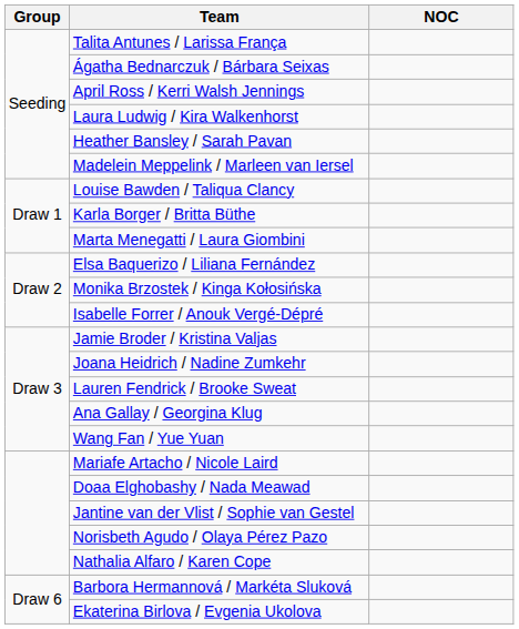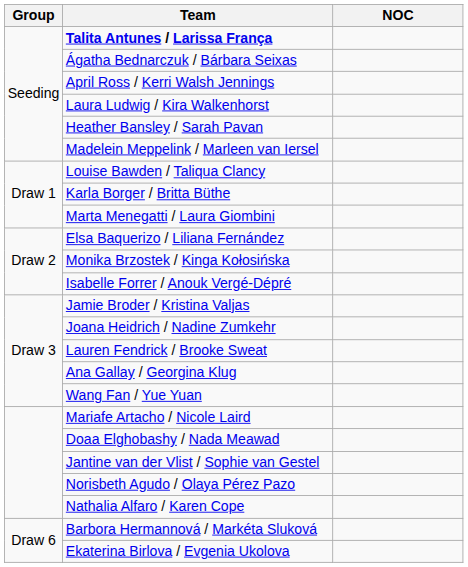 <table class="wikitable">
 <tr>
 <th>Group</th>
 <th width=300>Team</th>
 <th width=140>NOC</th>
 </tr>
 <tr>
 <td align=center rowspan=6>Seeding</td>
-<td><a href='#'>Talita Antunes</a> / <a href='#'>Larissa França</a></td>
+<td><strong><a href='#'>Talita Antunes</a> / <a href='#'>Larissa França</a></strong></td>
 <td></td>
 </tr>
 <tr>
 <td><a href='#'>Ágatha Bednarczuk</a> / <a href='#'>Bárbara Seixas</a></td>
 <td></td>
 </tr>
 <tr>
 <td><a href='#'>April Ross</a> / <a href='#'>Kerri Walsh Jennings</a></td>
 <td></td>
 </tr>
 <tr>
 <td><a href='#'>Laura Ludwig</a> / <a href='#'>Kira Walkenhorst</a></td>
 <td></td>
 </tr>
 <tr>
 <td><a href='#'>Heather Bansley</a> / <a href='#'>Sarah Pavan</a></td>
 <td></td>
 </tr>
 <tr>
 <td><a href='#'>Madelein Meppelink</a> / <a href='#'>Marleen van Iersel</a></td>
 <td></td>
 </tr>
 <tr>
 <td align=center rowspan=3>Draw 1</td>
 <td><a href='#'>Louise Bawden</a> / <a href='#'>Taliqua Clancy</a></td>
 <td></td>
 </tr>
 <tr>
 <td><a href='#'>Karla Borger</a> / <a href='#'>Britta Büthe</a></td>
 <td></td>
 </tr>
 <tr>
 <td><a href='#'>Marta Menegatti</a> / <a href='#'>Laura Giombini</a></td>
 <td></td>
 </tr>
 <tr>
 <td align=center rowspan=3>Draw 2</td>
 <td><a href='#'>Elsa Baquerizo</a> / <a href='#'>Liliana Fernández</a></td>
 <td></td>
 </tr>
 <tr>
 <td><a href='#'>Monika Brzostek</a> / <a href='#'>Kinga Kołosińska</a></td>
 <td></td>
 </tr>
 <tr>
 <td><a href='#'>Isabelle Forrer</a> / <a href='#'>Anouk Vergé-Dépré</a></td>
 <td></td>
 </tr>
 <tr>
 <td align=center rowspan=5>Draw 3</td>
 <td><a href='#'>Jamie Broder</a> / <a href='#'>Kristina Valjas</a></td>
 <td></td>
 </tr>
 <tr>
 <td><a href='#'>Joana Heidrich</a> / <a href='#'>Nadine Zumkehr</a></td>
 <td></td>
 </tr>
 <tr>
 <td><a href='#'>Lauren Fendrick</a> / <a href='#'>Brooke Sweat</a></td>
 <td></td>
 </tr>
 <tr>
 <td><a href='#'>Ana Gallay</a> / <a href='#'>Georgina Klug</a></td>
 <td></td>
 </tr>
 <tr>
 <td><a href='#'>Wang Fan</a> / <a href='#'>Yue Yuan</a></td>
 <td></td>
 </tr>
 <tr>
 <td align=center rowspan=5></td>
 <td><a href='#'>Mariafe Artacho</a> / <a href='#'>Nicole Laird</a></td>
 <td></td>
 </tr>
 <tr>
 <td><a href='#'>Doaa Elghobashy</a> / <a href='#'>Nada Meawad</a></td>
 <td></td>
 </tr>
 <tr>
 <td><a href='#'>Jantine van der Vlist</a> / <a href='#'>Sophie van Gestel</a></td>
 <td></td>
 </tr>
 <tr>
 <td><a href='#'>Norisbeth Agudo</a> / <a href='#'>Olaya Pérez Pazo</a></td>
 <td></td>
 </tr>
 <tr>
 <td><a href='#'>Nathalia Alfaro</a> / <a href='#'>Karen Cope</a></td>
 <td></td>
 </tr>
 <tr>
 <td align=center rowspan=2>Draw 6</td>
 <td><a href='#'>Barbora Hermannová</a> / <a href='#'>Markéta Sluková</a></td>
 <td></td>
 </tr>
 <tr>
 <td><a href='#'>Ekaterina Birlova</a> / <a href='#'>Evgenia Ukolova</a></td>
 <td></td>
 </tr>
 </table>
